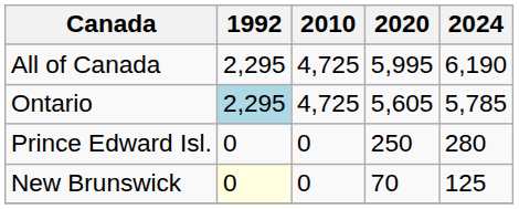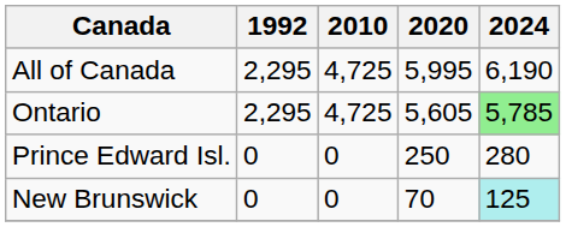 <table class="wikitable sortable floatright">
 <tr>
 <th data-sort-type="text">Canada</th>
 <th data-sort-type="number">1992</th>
 <th data-sort-type="number">2010</th>
 <th data-sort-type="number">2020</th>
 <th data-sort-type="number">2024</th>
 </tr>
 <tr>
 <td style="text-align: left;">All of Canada</td>
 <td>2,295</td>
 <td>4,725</td>
 <td>5,995</td>
 <td>6,190</td>
 </tr>
 <tr>
 <td style="text-align: left;">Ontario</td>
-<td style="background: lightblue;">2,295</td>
+<td>2,295</td>
 <td>4,725</td>
 <td>5,605</td>
-<td>5,785</td>
+<td style="background: lightgreen;">5,785</td>
 </tr>
 <tr>
 <td style="text-align: left;">Prince Edward Isl.</td>
 <td>0</td>
 <td>0</td>
 <td>250</td>
 <td>280</td>
 </tr>
 <tr>
 <td style="text-align: left;">New Brunswick</td>
-<td style="background: lightyellow;">0</td>
+<td>0</td>
 <td>0</td>
 <td>70</td>
-<td>125</td>
+<td style="background: paleturquoise;">125</td>
 </tr>
 <tr>
 </tr>
 </table>
